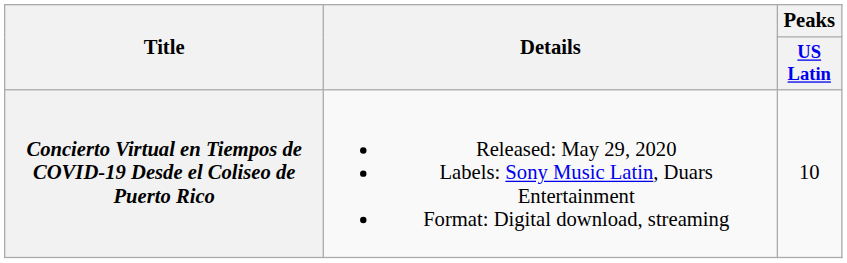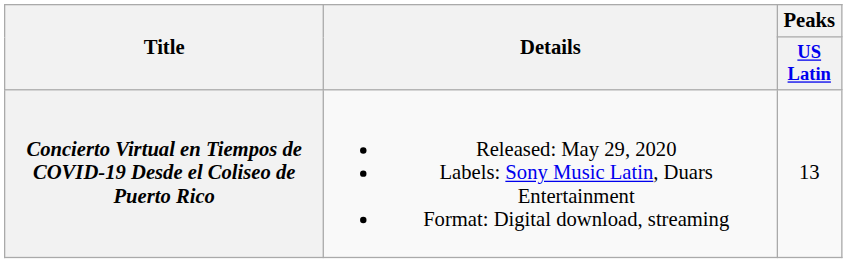 <table class="wikitable plainrowheaders" style="text-align:center;">
 <tr>
 <th scope="col" rowspan="2" style="width:15em;">Title</th>
 <th scope="col" rowspan="2" style="width:21.5em;">Details</th>
 <th scope="col" colspan="1">Peaks</th>
 </tr>
 <tr>
 <th scope="col" style="width:3em;font-size:90%;"><a href='#'>US<br>Latin</a><br></th>
 </tr>
 <tr>
 <th scope="row"><em>Concierto Virtual en Tiempos de COVID-19 Desde el Coliseo de Puerto Rico</em></th>
 <td><br><ul><li>Released: May 29, 2020</li><li>Labels: <a href='#'>Sony Music Latin</a>, Duars Entertainment</li><li>Format: Digital download, streaming</li></ul></td>
-<td>10</td>
+<td>13</td>
 </tr>
 </table>
